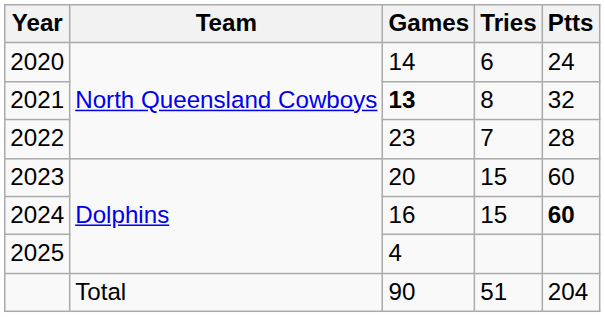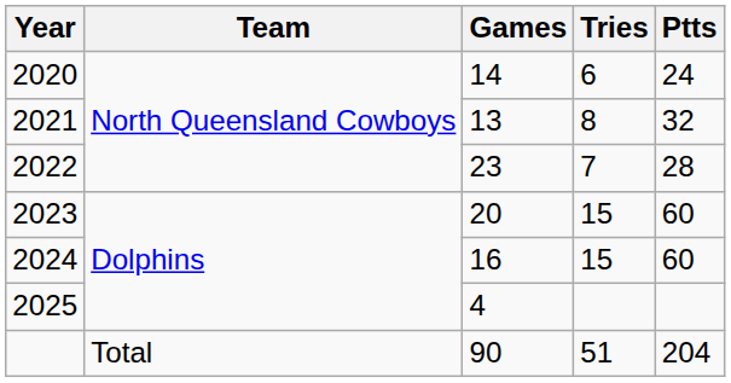 <table class="wikitable">
 <tr>
 <th>Year</th>
 <th>Team</th>
 <th>Games</th>
 <th>Tries</th>
 <th>Ptts</th>
 </tr>
 <tr>
 <td>2020</td>
 <td rowspan="3"> <a href='#'>North Queensland Cowboys</a></td>
 <td>14</td>
 <td>6</td>
 <td>24</td>
 </tr>
 <tr>
 <td>2021</td>
-<td><strong>13</strong></td>
+<td>13</td>
 <td>8</td>
 <td>32</td>
 </tr>
 <tr>
 <td>2022</td>
 <td>23</td>
 <td>7</td>
 <td>28</td>
 </tr>
 <tr>
 <td>2023</td>
 <td rowspan="3"> <a href='#'>Dolphins</a></td>
 <td>20</td>
 <td>15</td>
 <td>60</td>
 </tr>
 <tr>
 <td>2024</td>
 <td>16</td>
 <td>15</td>
-<td><strong>60</strong></td>
+<td>60</td>
 </tr>
 <tr>
 <td>2025</td>
 <td>4</td>
 <td></td>
 <td></td>
 </tr>
 <tr>
 <td></td>
 <td>Total</td>
 <td>90</td>
 <td>51</td>
 <td>204</td>
 </tr>
 </table>
